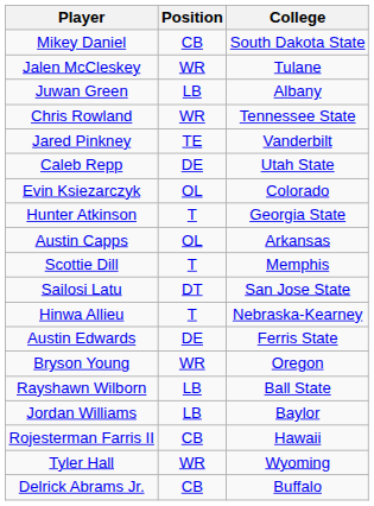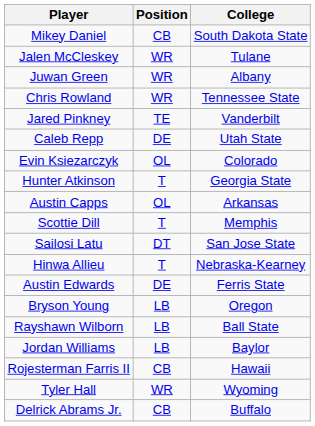 <table class="wikitable" style="text-align:center">
 <tr>
 <th>Player</th>
 <th>Position</th>
 <th>College</th>
 </tr>
 <tr>
 <td><a href='#'>Mikey Daniel</a></td>
 <td><a href='#'>CB</a></td>
 <td><a href='#'>South Dakota State</a></td>
 </tr>
 <tr>
 <td><a href='#'>Jalen McCleskey</a></td>
 <td><a href='#'>WR</a></td>
 <td><a href='#'>Tulane</a></td>
 </tr>
 <tr>
 <td><a href='#'>Juwan Green</a></td>
-<td><a href='#'>LB</a></td>
+<td><a href='#'>WR</a></td>
 <td><a href='#'>Albany</a></td>
 </tr>
 <tr>
 <td><a href='#'>Chris Rowland</a></td>
 <td><a href='#'>WR</a></td>
 <td><a href='#'>Tennessee State</a></td>
 </tr>
 <tr>
 <td><a href='#'>Jared Pinkney</a></td>
 <td><a href='#'>TE</a></td>
 <td><a href='#'>Vanderbilt</a></td>
 </tr>
 <tr>
 <td><a href='#'>Caleb Repp</a></td>
 <td><a href='#'>DE</a></td>
 <td><a href='#'>Utah State</a></td>
 </tr>
 <tr>
 <td><a href='#'>Evin Ksiezarczyk</a></td>
 <td><a href='#'>OL</a></td>
 <td><a href='#'>Colorado</a></td>
 </tr>
 <tr>
 <td><a href='#'>Hunter Atkinson</a></td>
 <td><a href='#'>T</a></td>
 <td><a href='#'>Georgia State</a></td>
 </tr>
 <tr>
 <td><a href='#'>Austin Capps</a></td>
 <td><a href='#'>OL</a></td>
 <td><a href='#'>Arkansas</a></td>
 </tr>
 <tr>
 <td><a href='#'>Scottie Dill</a></td>
 <td><a href='#'>T</a></td>
 <td><a href='#'>Memphis</a></td>
 </tr>
 <tr>
 <td><a href='#'>Sailosi Latu</a></td>
 <td><a href='#'>DT</a></td>
 <td><a href='#'>San Jose State</a></td>
 </tr>
 <tr>
 <td><a href='#'>Hinwa Allieu</a></td>
 <td><a href='#'>T</a></td>
 <td><a href='#'>Nebraska-Kearney</a></td>
 </tr>
 <tr>
 <td><a href='#'>Austin Edwards</a></td>
 <td><a href='#'>DE</a></td>
 <td><a href='#'>Ferris State</a></td>
 </tr>
 <tr>
 <td><a href='#'>Bryson Young</a></td>
-<td><a href='#'>WR</a></td>
+<td><a href='#'>LB</a></td>
 <td><a href='#'>Oregon</a></td>
 </tr>
 <tr>
 <td><a href='#'>Rayshawn Wilborn</a></td>
 <td><a href='#'>LB</a></td>
 <td><a href='#'>Ball State</a></td>
 </tr>
 <tr>
 <td><a href='#'>Jordan Williams</a></td>
 <td><a href='#'>LB</a></td>
 <td><a href='#'>Baylor</a></td>
 </tr>
 <tr>
 <td><a href='#'>Rojesterman Farris II</a></td>
 <td><a href='#'>CB</a></td>
 <td><a href='#'>Hawaii</a></td>
 </tr>
 <tr>
 <td><a href='#'>Tyler Hall</a></td>
 <td><a href='#'>WR</a></td>
 <td><a href='#'>Wyoming</a></td>
 </tr>
 <tr>
 <td><a href='#'>Delrick Abrams Jr.</a></td>
 <td><a href='#'>CB</a></td>
 <td><a href='#'>Buffalo</a></td>
 </tr>
 </table>
